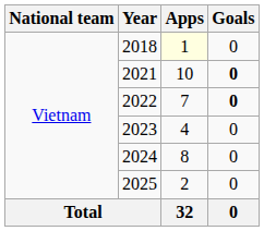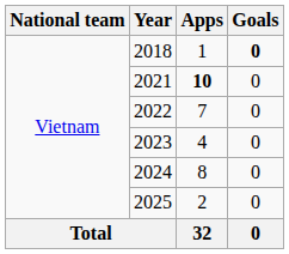 <table class=wikitable style="text-align: center">
 <tr>
 <th>National team</th>
 <th>Year</th>
 <th>Apps</th>
 <th>Goals</th>
 </tr>
 <tr>
 <td rowspan=7><a href='#'>Vietnam</a></td>
 </tr>
 <tr>
 <td>2018</td>
-<td style="background: lightyellow;">1</td>
-<td>0</td>
+<td>1</td>
+<td><strong>0</strong></td>
 </tr>
 <tr>
 <td>2021</td>
-<td>10</td>
-<td><strong>0</strong></td>
+<td><strong>10</strong></td>
+<td>0</td>
 </tr>
 <tr>
 <td>2022</td>
 <td>7</td>
-<td><strong>0</strong></td>
+<td>0</td>
 </tr>
 <tr>
 <td>2023</td>
 <td>4</td>
 <td>0</td>
 </tr>
 <tr>
 <td>2024</td>
 <td>8</td>
 <td>0</td>
 </tr>
 <tr>
 <td>2025</td>
 <td>2</td>
 <td>0</td>
 </tr>
 <tr>
 <th colspan=2>Total</th>
 <th>32</th>
 <th>0</th>
 </tr>
 </table>
